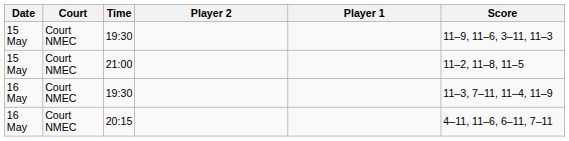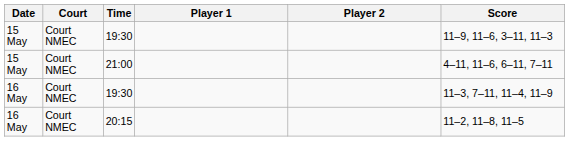 <table class="sortable wikitable" style="font-size:90%">
 <tr>
 <th width="45" class="unsortable">Date</th>
 <th width="75">Court</th>
 <th width="30">Time</th>
+<th width="200">Player 1</th>
 <th width="200">Player 2</th>
-<th width="200">Player 1</th>
 <th width="160" class="unsortable">Score</th>
 </tr>
 <tr>
 <td>15 May</td>
 <td>Court NMEC</td>
 <td>19:30</td>
+<td><strong></strong></td>
 <td></td>
-<td><strong></strong></td>
 <td>11–9, 11–6, 3–11, 11–3</td>
 </tr>
 <tr>
 <td>15 May</td>
 <td>Court NMEC</td>
 <td>21:00</td>
+<td><strong></strong></td>
 <td></td>
-<td><strong></strong></td>
-<td>11–2, 11–8, 11–5</td>
+<td>4–11, 11–6, 6–11, 7–11</td>
 </tr>
 <tr>
 <td>16 May</td>
 <td>Court NMEC</td>
 <td>19:30</td>
+<td><strong></strong></td>
 <td></td>
-<td><strong></strong></td>
 <td>11–3, 7–11, 11–4, 11–9</td>
 </tr>
 <tr>
 <td>16 May</td>
 <td>Court NMEC</td>
 <td>20:15</td>
+<td></td>
 <td><strong></strong></td>
-<td></td>
-<td>4–11, 11–6, 6–11, 7–11</td>
+<td>11–2, 11–8, 11–5</td>
 </tr>
 </table>
